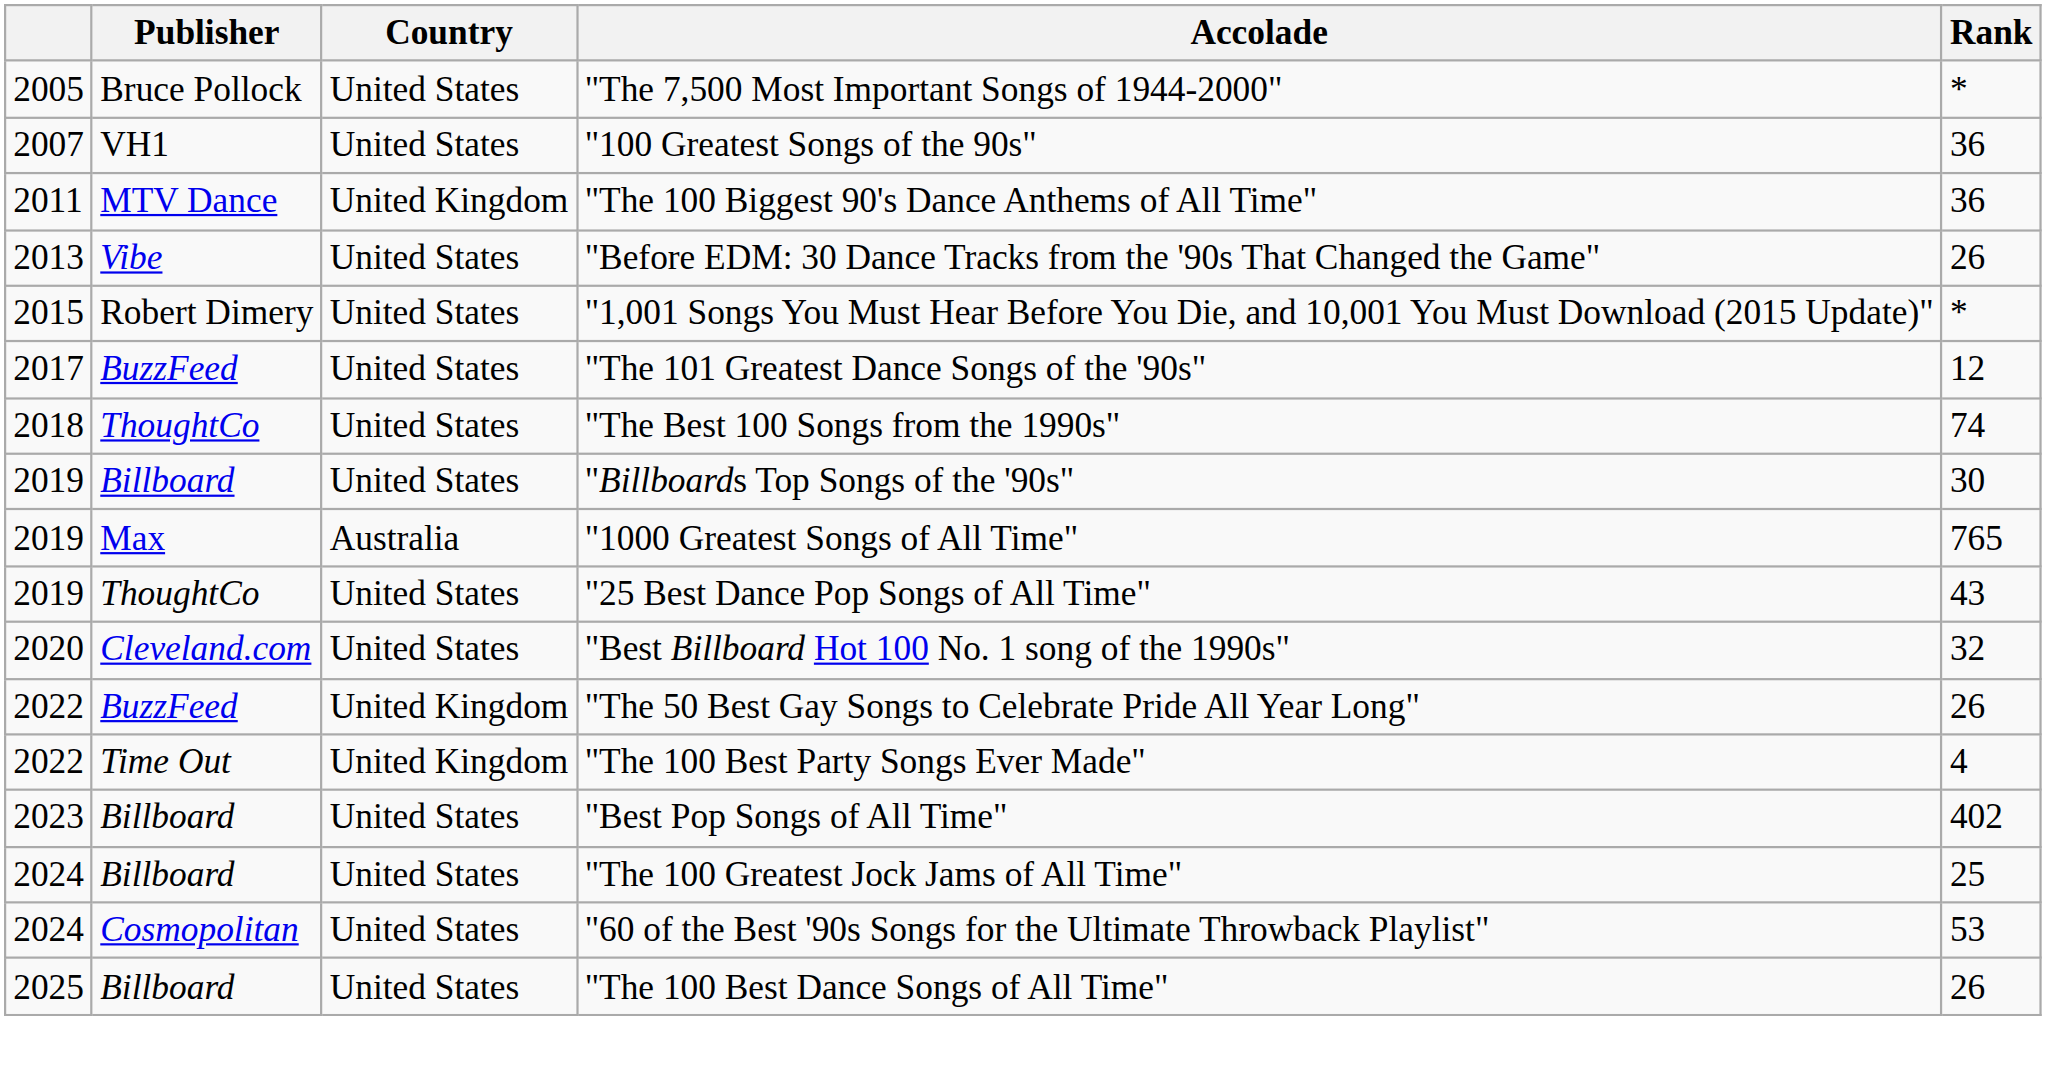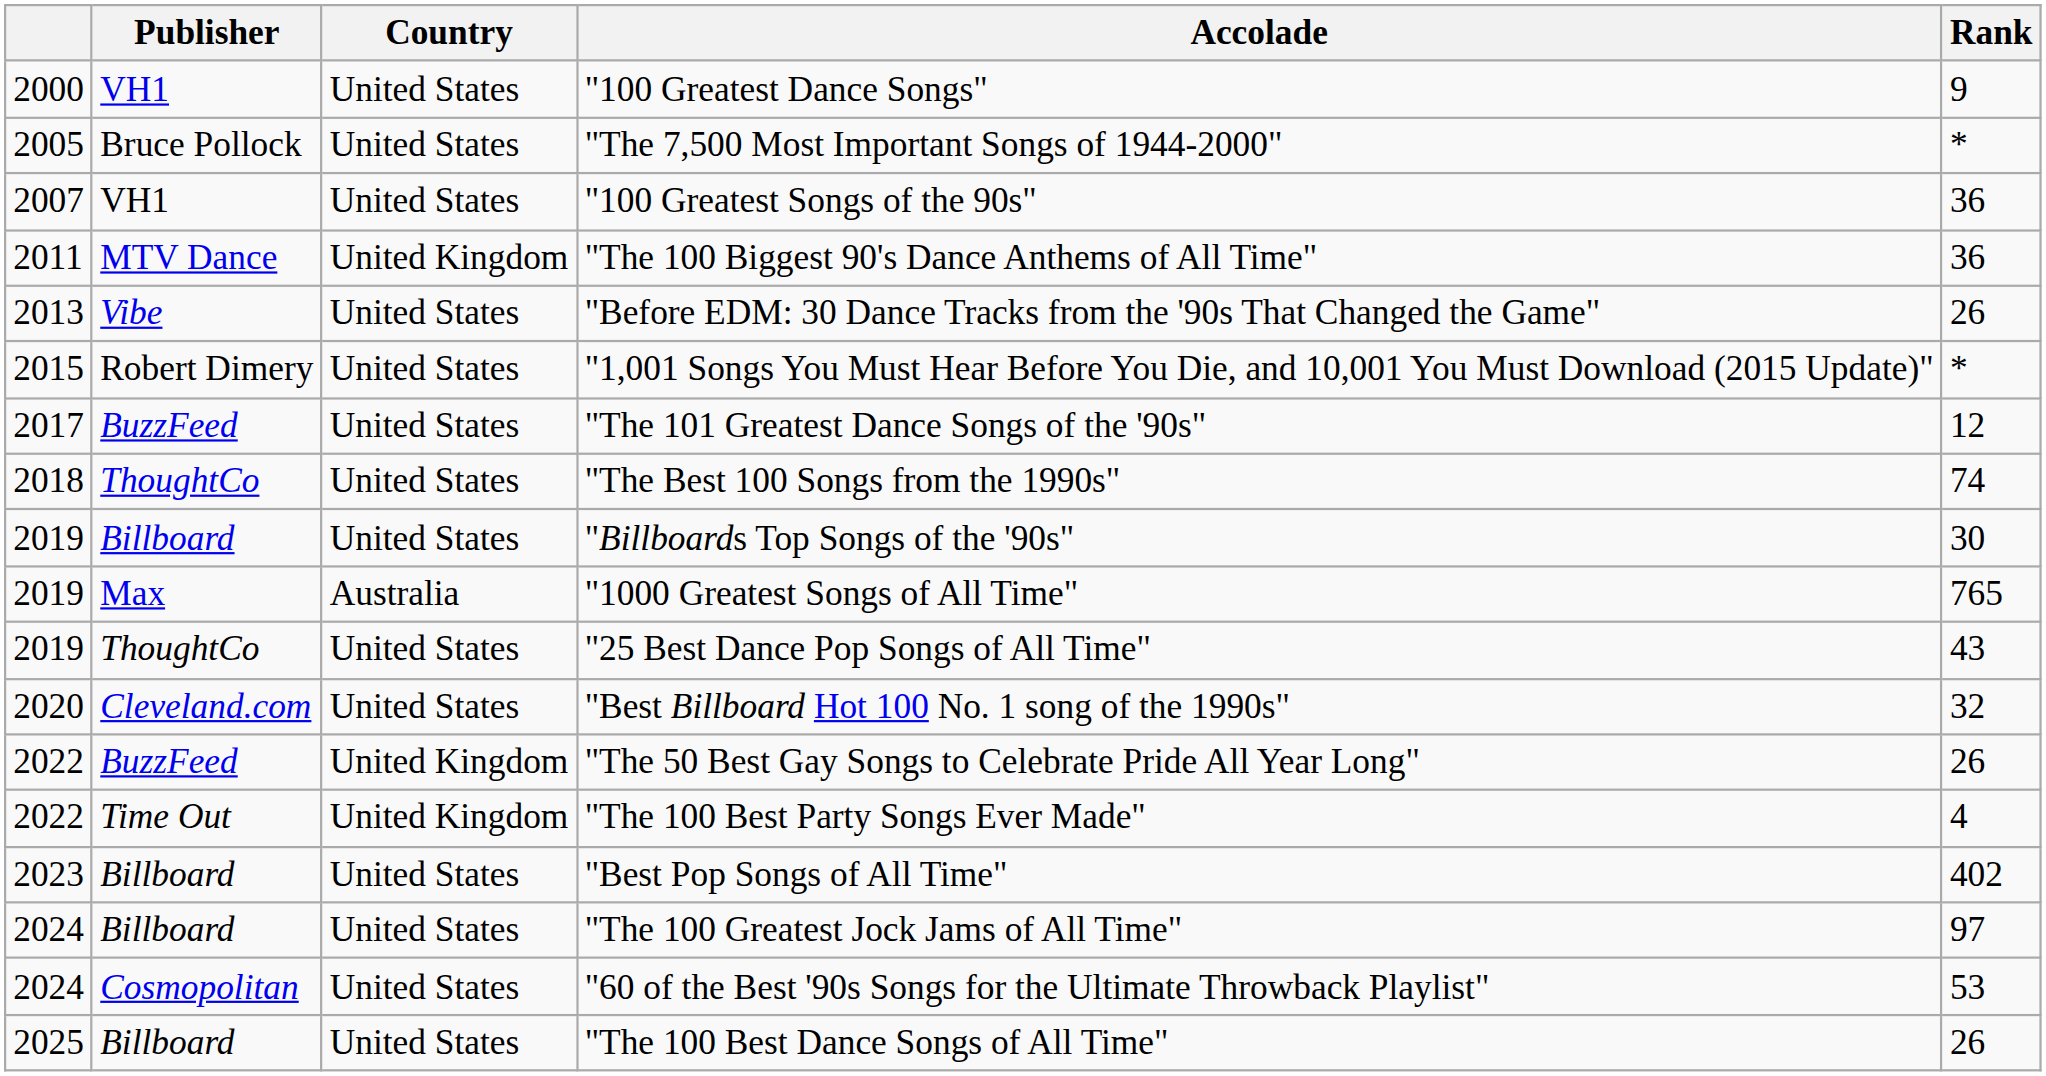 <table class="wikitable sortabl">
 <tr>
 <th></th>
 <th>Publisher</th>
 <th>Country</th>
 <th>Accolade</th>
 <th>Rank</th>
+</tr>
+<tr>
+<td>2000</td>
+<td><a href='#'>VH1</a></td>
+<td>United States</td>
+<td>"100 Greatest Dance Songs"</td>
+<td>9</td>
 </tr>
 <tr>
 <td>2005</td>
 <td>Bruce Pollock</td>
 <td>United States</td>
 <td>"The 7,500 Most Important Songs of 1944-2000"</td>
 <td>*</td>
 </tr>
 <tr>
 <td>2007</td>
 <td>VH1</td>
 <td>United States</td>
 <td>"100 Greatest Songs of the 90s"</td>
 <td>36</td>
 </tr>
 <tr>
 <td>2011</td>
 <td><a href='#'>MTV Dance</a></td>
 <td>United Kingdom</td>
 <td>"The 100 Biggest 90's Dance Anthems of All Time"</td>
 <td>36</td>
 </tr>
 <tr>
 <td>2013</td>
 <td><em><a href='#'>Vibe</a></em></td>
 <td>United States</td>
 <td>"Before EDM: 30 Dance Tracks from the '90s That Changed the Game"</td>
 <td>26</td>
 </tr>
 <tr>
 <td>2015</td>
 <td>Robert Dimery</td>
 <td>United States</td>
 <td>"1,001 Songs You Must Hear Before You Die, and 10,001 You Must Download (2015 Update)"</td>
 <td>*</td>
 </tr>
 <tr>
 <td>2017</td>
 <td><em><a href='#'>BuzzFeed</a></em></td>
 <td>United States</td>
 <td>"The 101 Greatest Dance Songs of the '90s"</td>
 <td>12</td>
 </tr>
 <tr>
 <td>2018</td>
 <td><em><a href='#'>ThoughtCo</a></em></td>
 <td>United States</td>
 <td>"The Best 100 Songs from the 1990s"</td>
 <td>74</td>
 </tr>
 <tr>
 <td>2019</td>
 <td><em><a href='#'>Billboard</a></em></td>
 <td>United States</td>
 <td>"<em>Billboard</em>s Top Songs of the '90s"</td>
 <td>30</td>
 </tr>
 <tr>
 <td>2019</td>
 <td><a href='#'>Max</a></td>
 <td>Australia</td>
 <td>"1000 Greatest Songs of All Time"</td>
 <td>765</td>
 </tr>
 <tr>
 <td>2019</td>
 <td><em>ThoughtCo</em></td>
 <td>United States</td>
 <td>"25 Best Dance Pop Songs of All Time"</td>
 <td>43</td>
 </tr>
 <tr>
 <td>2020</td>
 <td><em><a href='#'>Cleveland.com</a></em></td>
 <td>United States</td>
 <td>"Best <em>Billboard</em> <a href='#'>Hot 100</a> No. 1 song of the 1990s"</td>
 <td>32</td>
 </tr>
 <tr>
 <td>2022</td>
 <td><em><a href='#'>BuzzFeed</a></em></td>
 <td>United Kingdom</td>
 <td>"The 50 Best Gay Songs to Celebrate Pride All Year Long"</td>
 <td>26</td>
 </tr>
 <tr>
 <td>2022</td>
 <td><em>Time Out</em></td>
 <td>United Kingdom</td>
 <td>"The 100 Best Party Songs Ever Made"</td>
 <td>4</td>
 </tr>
 <tr>
 <td>2023</td>
 <td><em>Billboard</em></td>
 <td>United States</td>
 <td>"Best Pop Songs of All Time"</td>
 <td>402</td>
 </tr>
 <tr>
 <td>2024</td>
 <td><em>Billboard</em></td>
 <td>United States</td>
 <td>"The 100 Greatest Jock Jams of All Time"</td>
-<td>25</td>
+<td>97</td>
 </tr>
 <tr>
 <td>2024</td>
 <td><em><a href='#'>Cosmopolitan</a></em></td>
 <td>United States</td>
 <td>"60 of the Best '90s Songs for the Ultimate Throwback Playlist"</td>
 <td>53</td>
 </tr>
 <tr>
 <td>2025</td>
 <td><em>Billboard</em></td>
 <td>United States</td>
 <td>"The 100 Best Dance Songs of All Time"</td>
 <td>26</td>
 </tr>
 </table>
